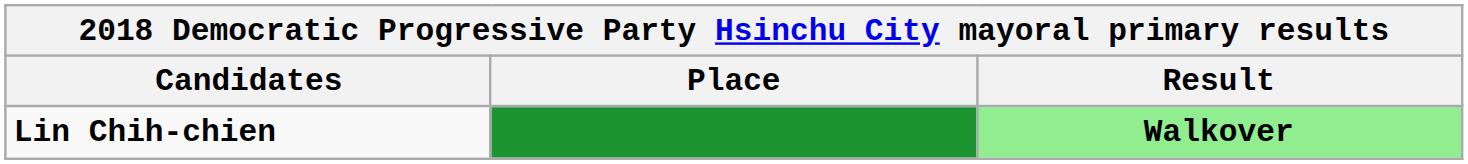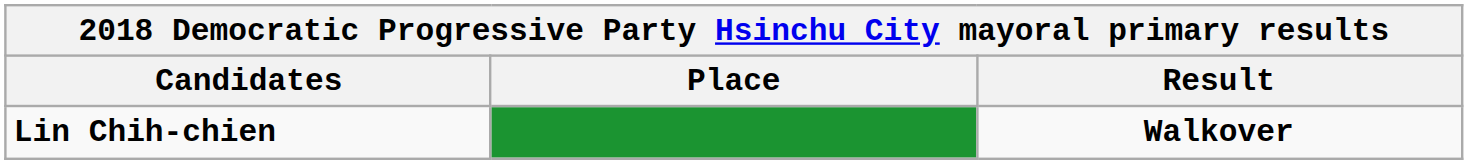 <table class="wikitable collapsible" style="margin:1em auto;">
 <tr>
 <th colspan="5" width=600>2018 Democratic Progressive Party <a href='#'>Hsinchu City</a> mayoral primary results</th>
 </tr>
 <tr>
 <th width=80>Candidates</th>
 <th width=80>Place</th>
 <th width=80>Result</th>
 </tr>
 <tr>
 <td><strong>Lin Chih-chien</strong></td>
 <td style="background: #1B9431; text-align:center"><strong></strong></td>
-<td style="background: lightgreen; text-align:center"><strong>Walkover</strong></td>
+<td style="text-align:center"><strong>Walkover</strong></td>
 </tr>
 </table>
